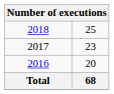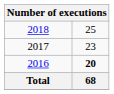 <table class="wikitable" style="text-align:center;">
 <tr>
 <th colspan="2">Number of executions</th>
 </tr>
 <tr>
 <td><a href='#'>2018</a></td>
 <td>25</td>
 </tr>
 <tr>
 <td>2017</td>
 <td>23</td>
 </tr>
 <tr>
 <td><a href='#'>2016</a></td>
-<td>20</td>
+<td><strong>20</strong></td>
 </tr>
 <tr>
 <th>Total</th>
 <th>68</th>
 </tr>
 <tr>
 </tr>
 </table>
